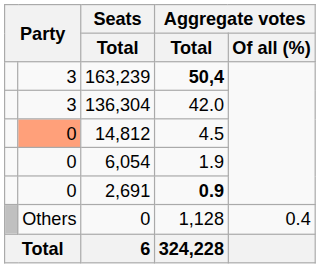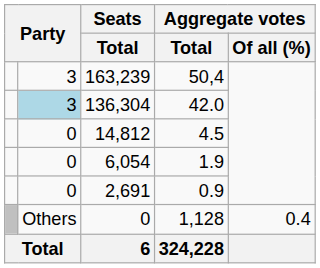 <table class="wikitable" style="text-align:right; font-size:95%;">
 <tr>
 <th colspan="2" rowspan="2">Party</th>
 <th>Seats</th>
 <th colspan="2">Aggregate votes</th>
 </tr>
 <tr>
 <th>Total</th>
 <th>Total</th>
 <th>Of all (%)</th>
 </tr>
 <tr>
 <td></td>
 <td>3</td>
 <td>163,239</td>
-<td><strong>50,4</strong></td>
+<td>50,4</td>
 </tr>
 <tr>
 <td></td>
-<td>3</td>
+<td style="background: lightblue;">3</td>
 <td>136,304</td>
 <td>42.0</td>
 </tr>
 <tr>
 <td></td>
-<td style="background: lightsalmon;">0</td>
+<td>0</td>
 <td>14,812</td>
 <td>4.5</td>
 </tr>
 <tr>
 <td></td>
 <td>0</td>
 <td>6,054</td>
 <td>1.9</td>
 </tr>
 <tr>
 <td></td>
 <td>0</td>
 <td>2,691</td>
-<td><strong>0.9</strong></td>
+<td>0.9</td>
 </tr>
 <tr>
 <td style="background:silver;"> </td>
 <td align=left>Others</td>
 <td>0</td>
 <td>1,128</td>
 <td>0.4</td>
 </tr>
 <tr>
 <th colspan="2" style="background:#f2f2f2"><strong>Total</strong></th>
 <td style="background:#f2f2f2;"><strong>6</strong></td>
 <td style="background:#f2f2f2;"><strong>324,228</strong></td>
 <td style="background:#f2f2f2;"></td>
 </tr>
 </table>
